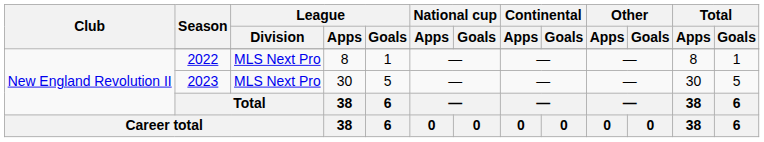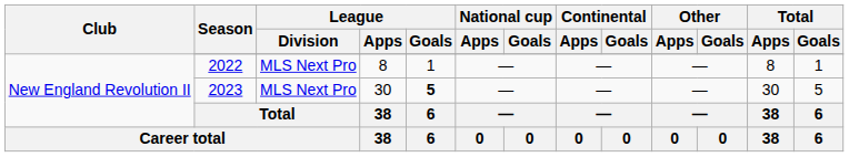 <table class=wikitable style=text-align:center>
 <tr>
 <th rowspan=2>Club</th>
 <th rowspan=2>Season</th>
 <th colspan=3>League</th>
 <th colspan=2>National cup</th>
 <th colspan=2>Continental</th>
 <th colspan=2>Other</th>
 <th colspan=2>Total</th>
 </tr>
 <tr>
 <th>Division</th>
 <th>Apps</th>
 <th>Goals</th>
 <th>Apps</th>
 <th>Goals</th>
 <th>Apps</th>
 <th>Goals</th>
 <th>Apps</th>
 <th>Goals</th>
 <th>Apps</th>
 <th>Goals</th>
 </tr>
 <tr>
 <td rowspan=4><a href='#'>New England Revolution II</a></td>
 </tr>
 <tr>
 <td><a href='#'>2022</a></td>
 <td><a href='#'>MLS Next Pro</a></td>
 <td>8</td>
 <td>1</td>
 <td colspan=2>—</td>
 <td colspan=2>—</td>
 <td colspan=2>—</td>
 <td>8</td>
 <td>1</td>
 </tr>
 <tr>
 <td><a href='#'>2023</a></td>
 <td><a href='#'>MLS Next Pro</a></td>
 <td>30</td>
-<td>5</td>
+<td><strong>5</strong></td>
 <td colspan=2>—</td>
 <td colspan=2>—</td>
 <td colspan=2>—</td>
 <td>30</td>
 <td>5</td>
 </tr>
 <tr>
 <th colspan=2>Total</th>
 <th>38</th>
 <th>6</th>
 <th colspan=2>—</th>
 <th colspan=2>—</th>
 <th colspan=2>—</th>
 <th>38</th>
 <th>6</th>
 </tr>
 <tr>
 <th colspan=3>Career total</th>
 <th>38</th>
 <th>6</th>
 <th>0</th>
 <th>0</th>
 <th>0</th>
 <th>0</th>
 <th>0</th>
 <th>0</th>
 <th>38</th>
 <th>6</th>
 </tr>
 </table>
